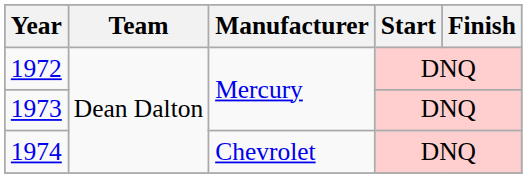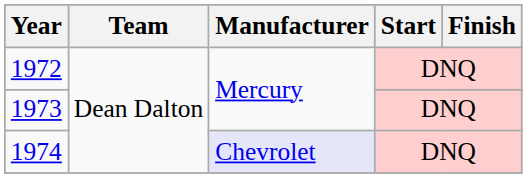 <table class="wikitable" style="font-size: 90%;">
 <tr>
 <th>Year</th>
 <th>Team</th>
 <th>Manufacturer</th>
 <th>Start</th>
 <th>Finish</th>
 </tr>
 <tr>
 <td><a href='#'>1972</a></td>
 <td rowspan=3>Dean Dalton</td>
 <td rowspan=2><a href='#'>Mercury</a></td>
 <td align=center colspan=2 style="background:#FFCFCF;">DNQ</td>
 </tr>
 <tr>
 <td><a href='#'>1973</a></td>
 <td align=center colspan=2 style="background:#FFCFCF;">DNQ</td>
 </tr>
 <tr>
 <td><a href='#'>1974</a></td>
-<td><a href='#'>Chevrolet</a></td>
+<td style="background: lavender;"><a href='#'>Chevrolet</a></td>
 <td align=center colspan=2 style="background:#FFCFCF;">DNQ</td>
 </tr>
 </table>
